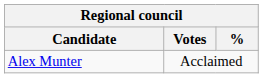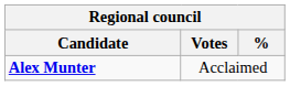 <table class="wikitable">
 <tr>
 <th colspan="3">Regional council</th>
 </tr>
 <tr>
 <th style="width: 170px">Candidate</th>
 <th style="width: 50px">Votes</th>
 <th style="width: 40px">%</th>
 </tr>
 <tr>
-<td><a href='#'>Alex Munter</a></td>
+<td><strong><a href='#'>Alex Munter</a></strong></td>
 <td colspan="2" align="center">Acclaimed</td>
 </tr>
 </table>
